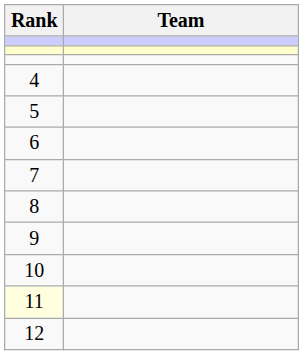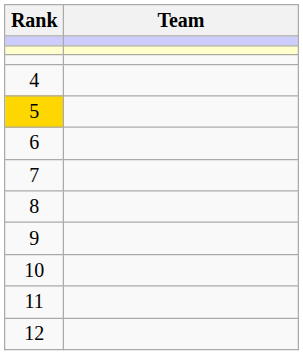 <table class="wikitable" style="text-align: center;">
 <tr>
 <th width=40>Rank</th>
 <th width=180>Team</th>
 </tr>
 <tr bgcolor=#ccccff>
 <td></td>
 <td align="left"></td>
 </tr>
 <tr bgcolor=#ffffcc>
 <td></td>
 <td align="left"></td>
 </tr>
 <tr>
 <td></td>
 <td align="left"></td>
 </tr>
 <tr>
 <td>4</td>
 <td align="left"></td>
 </tr>
 <tr>
-<td>5</td>
+<td style="background: gold;">5</td>
 <td align="left"></td>
 </tr>
 <tr>
 <td>6</td>
 <td align="left"></td>
 </tr>
 <tr>
 <td>7</td>
 <td align="left"></td>
 </tr>
 <tr>
 <td>8</td>
 <td align="left"></td>
 </tr>
 <tr>
 <td>9</td>
 <td align="left"></td>
 </tr>
 <tr>
 <td>10</td>
 <td align="left"></td>
 </tr>
 <tr>
-<td style="background: lightyellow;">11</td>
+<td>11</td>
 <td align="left"></td>
 </tr>
 <tr>
 <td>12</td>
 <td align="left"></td>
 </tr>
 </table>
